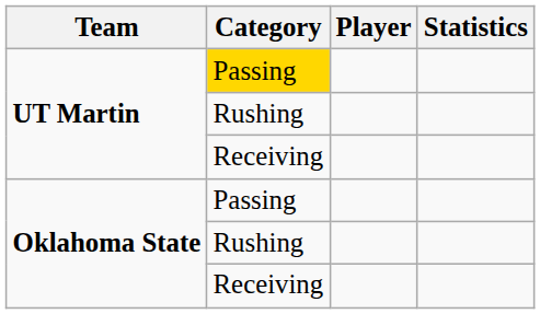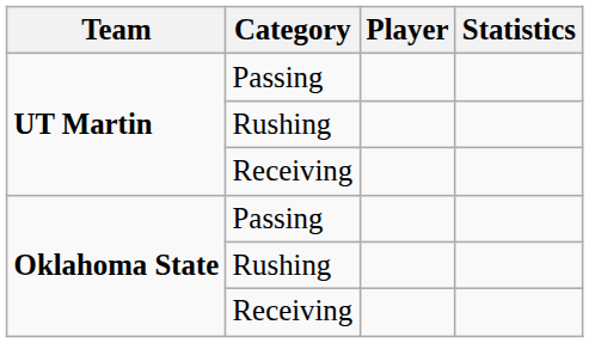 <table class="wikitable" style="float: right;">
 <tr>
 <th>Team</th>
 <th>Category</th>
 <th>Player</th>
 <th>Statistics</th>
 </tr>
 <tr>
 <td rowspan=3><strong>UT Martin</strong></td>
-<td style="background: gold;">Passing</td>
+<td>Passing</td>
 <td></td>
 <td></td>
 </tr>
 <tr>
 <td>Rushing</td>
 <td></td>
 <td></td>
 </tr>
 <tr>
 <td>Receiving</td>
 <td></td>
 <td></td>
 </tr>
 <tr>
 <td rowspan=3><strong>Oklahoma State</strong></td>
 <td>Passing</td>
 <td></td>
 <td></td>
 </tr>
 <tr>
 <td>Rushing</td>
 <td></td>
 <td></td>
 </tr>
 <tr>
 <td>Receiving</td>
 <td></td>
 <td></td>
 </tr>
 </table>
